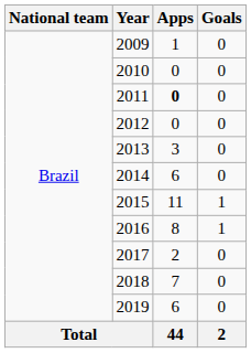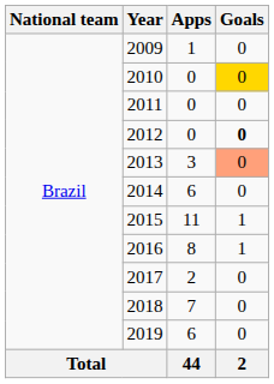 <table class="wikitable" style="text-align:center">
 <tr>
 <th>National team</th>
 <th>Year</th>
 <th>Apps</th>
 <th>Goals</th>
 </tr>
 <tr>
 <td rowspan=11><a href='#'>Brazil</a></td>
 <td>2009</td>
 <td>1</td>
 <td>0</td>
 </tr>
 <tr>
 <td>2010</td>
 <td>0</td>
-<td>0</td>
+<td style="background: gold;">0</td>
 </tr>
 <tr>
 <td>2011</td>
-<td><strong>0</strong></td>
+<td>0</td>
 <td>0</td>
 </tr>
 <tr>
 <td>2012</td>
 <td>0</td>
-<td>0</td>
+<td><strong>0</strong></td>
 </tr>
 <tr>
 <td>2013</td>
 <td>3</td>
-<td>0</td>
+<td style="background: lightsalmon;">0</td>
 </tr>
 <tr>
 <td>2014</td>
 <td>6</td>
 <td>0</td>
 </tr>
 <tr>
 <td>2015</td>
 <td>11</td>
 <td>1</td>
 </tr>
 <tr>
 <td>2016</td>
 <td>8</td>
 <td>1</td>
 </tr>
 <tr>
 <td>2017</td>
 <td>2</td>
 <td>0</td>
 </tr>
 <tr>
 <td>2018</td>
 <td>7</td>
 <td>0</td>
 </tr>
 <tr>
 <td>2019</td>
 <td>6</td>
 <td>0</td>
 </tr>
 <tr>
 <th colspan=2>Total</th>
 <th>44</th>
 <th>2</th>
 </tr>
 </table>
